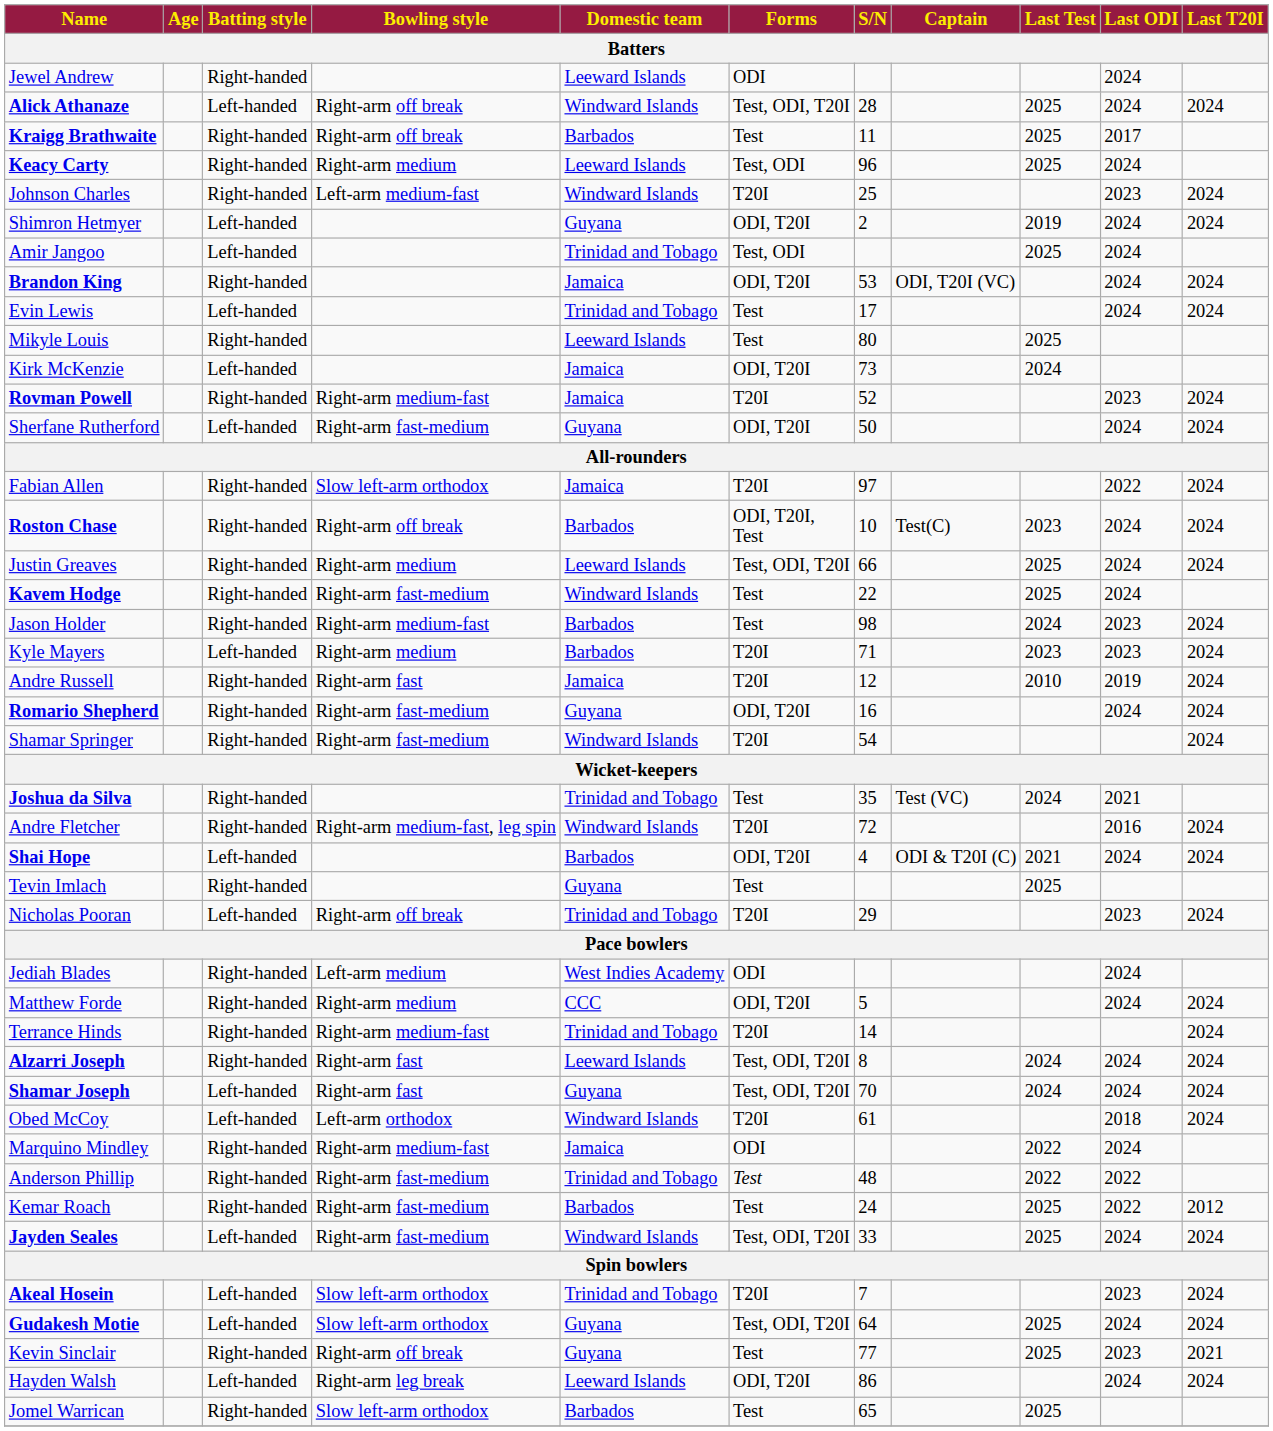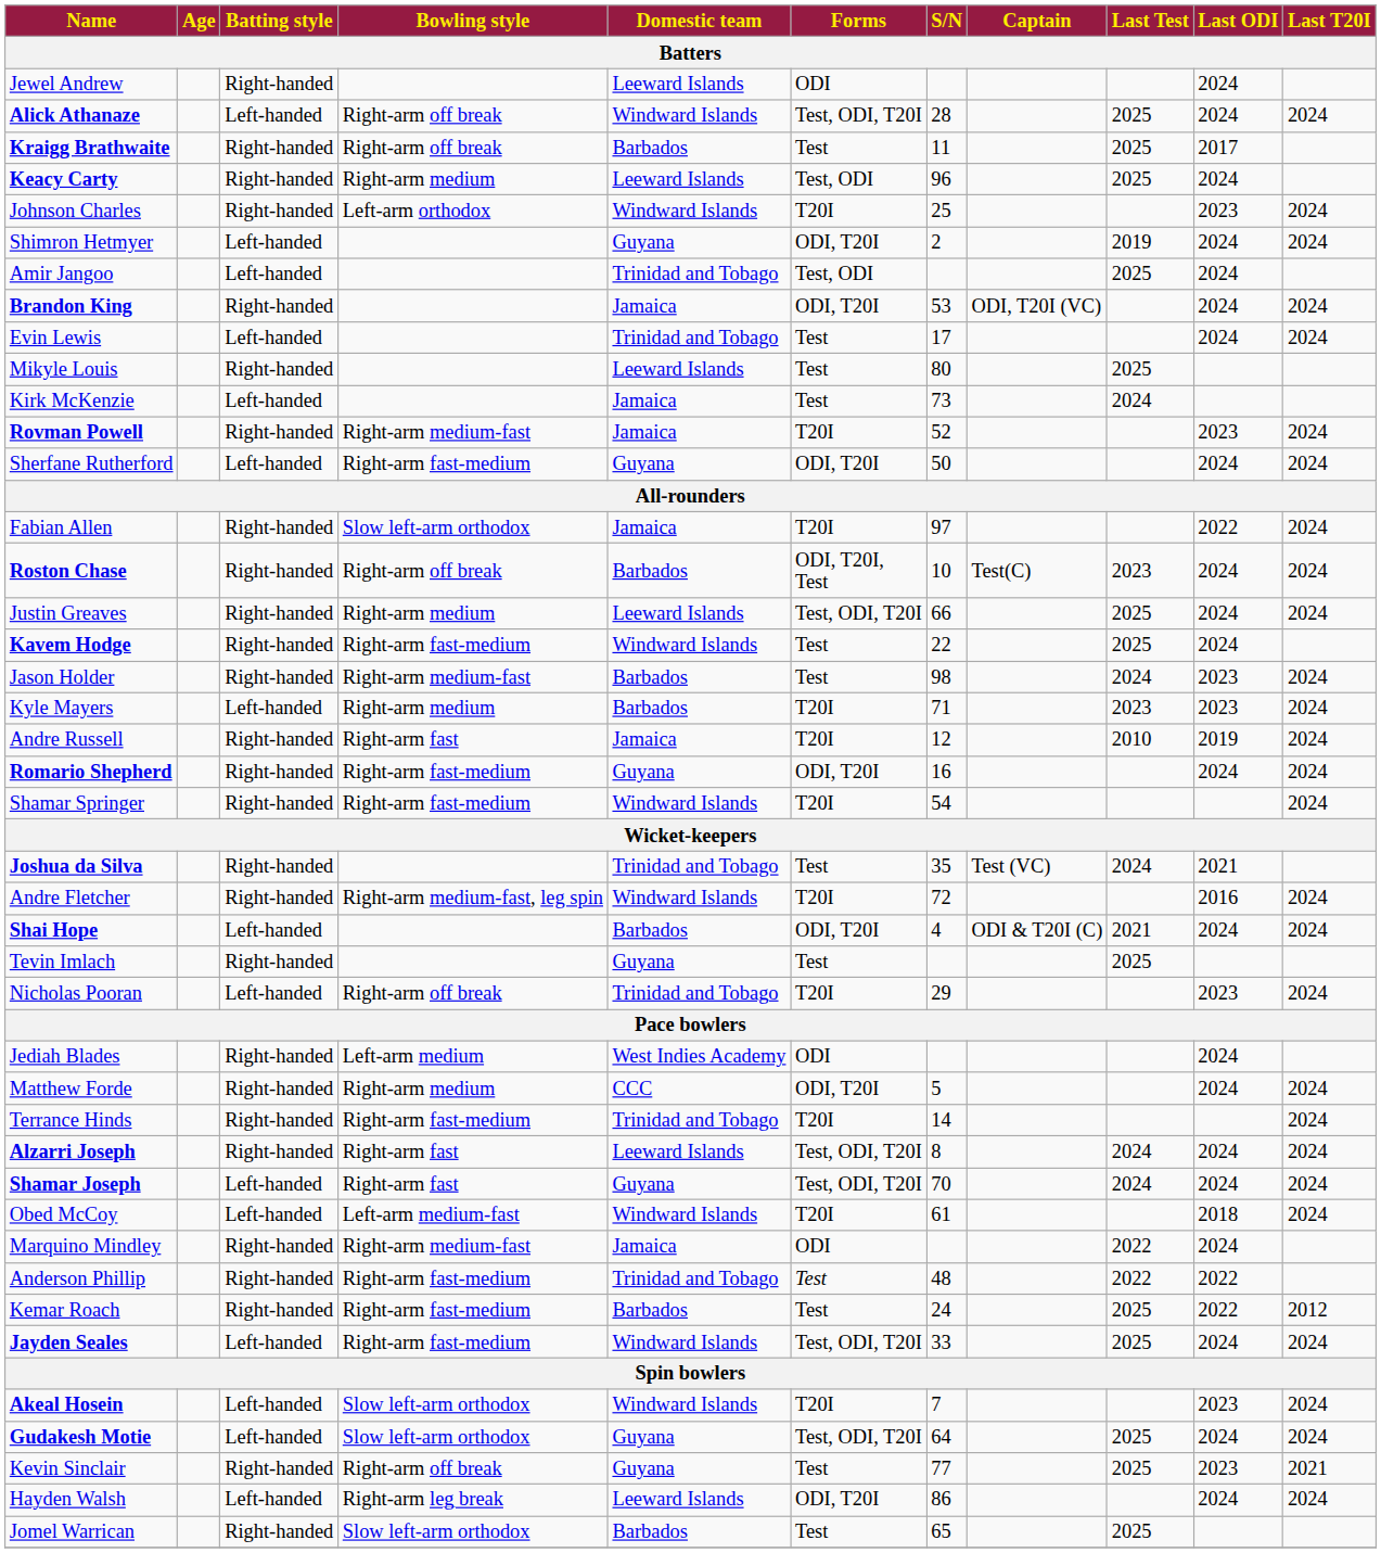 <table class="wikitable">
 <tr>
 <th style="text-align:center; background:#951A42; color:#FCED00;">Name</th>
 <th style="text-align:center; background:#951A42; color:#FCED00;">Age</th>
 <th style="text-align:center; background:#951A42; color:#FCED00;">Batting style</th>
 <th style="text-align:center; background:#951A42; color:#FCED00;">Bowling style</th>
 <th style="text-align:center; background:#951A42; color:#FCED00;">Domestic team</th>
 <th style="text-align:center; background:#951A42; color:#FCED00;">Forms</th>
 <th style="text-align:center; background:#951A42; color:#FCED00;">S/N</th>
 <th style="text-align:center; background:#951A42; color:#FCED00;">Captain</th>
 <th style="text-align:center; background:#951A42; color:#FCED00;">Last Test</th>
 <th style="text-align:center; background:#951A42; color:#FCED00;">Last ODI</th>
 <th style="text-align:center; background:#951A42; color:#FCED00;">Last T20I</th>
 </tr>
 <tr>
 <th colspan="11">Batters</th>
 </tr>
 <tr>
 <td><a href='#'>Jewel Andrew</a></td>
 <td></td>
 <td>Right-handed</td>
 <td></td>
 <td><a href='#'>Leeward Islands</a></td>
 <td>ODI</td>
 <td></td>
 <td></td>
 <td></td>
 <td> 2024</td>
 <td></td>
 </tr>
 <tr>
 <td><strong><a href='#'>Alick Athanaze</a></strong></td>
 <td></td>
 <td>Left-handed</td>
 <td>Right-arm <a href='#'>off break</a></td>
 <td><a href='#'>Windward Islands</a></td>
 <td>Test, ODI, T20I</td>
 <td>28</td>
 <td></td>
 <td> 2025</td>
 <td> 2024</td>
 <td> 2024</td>
 </tr>
 <tr>
 <td><strong><a href='#'>Kraigg Brathwaite</a></strong></td>
 <td></td>
 <td>Right-handed</td>
 <td>Right-arm <a href='#'>off break</a></td>
 <td><a href='#'>Barbados</a></td>
 <td>Test</td>
 <td>11</td>
 <td></td>
 <td> 2025</td>
 <td> 2017</td>
 <td></td>
 </tr>
 <tr>
 <td><strong><a href='#'>Keacy Carty</a></strong></td>
 <td></td>
 <td>Right-handed</td>
 <td>Right-arm <a href='#'>medium</a></td>
 <td><a href='#'>Leeward Islands</a></td>
 <td>Test, ODI</td>
 <td>96</td>
 <td></td>
 <td> 2025</td>
 <td> 2024</td>
 <td></td>
 </tr>
 <tr>
 <td><a href='#'>Johnson Charles</a></td>
 <td></td>
 <td>Right-handed</td>
-<td>Left-arm <a href='#'>medium-fast</a></td>
+<td>Left-arm <a href='#'>orthodox</a></td>
 <td><a href='#'>Windward Islands</a></td>
 <td>T20I</td>
 <td>25</td>
 <td></td>
 <td></td>
 <td> 2023</td>
 <td> 2024</td>
 </tr>
 <tr>
 <td><a href='#'>Shimron Hetmyer</a></td>
 <td></td>
 <td>Left-handed</td>
 <td></td>
 <td><a href='#'>Guyana</a></td>
 <td>ODI, T20I</td>
 <td>2</td>
 <td></td>
 <td> 2019</td>
 <td> 2024</td>
 <td> 2024</td>
 </tr>
 <tr>
 <td><a href='#'>Amir Jangoo</a></td>
 <td></td>
 <td>Left-handed</td>
 <td></td>
 <td><a href='#'>Trinidad and Tobago</a></td>
 <td>Test, ODI</td>
 <td></td>
 <td></td>
 <td> 2025</td>
 <td> 2024</td>
 <td></td>
 </tr>
 <tr>
 <td><strong><a href='#'>Brandon King</a></strong></td>
 <td></td>
 <td>Right-handed</td>
 <td></td>
 <td><a href='#'>Jamaica</a></td>
 <td>ODI, T20I</td>
 <td>53</td>
 <td>ODI, T20I (VC)</td>
 <td></td>
 <td> 2024</td>
 <td> 2024</td>
 </tr>
 <tr>
 <td><a href='#'>Evin Lewis</a></td>
 <td></td>
 <td>Left-handed</td>
 <td></td>
 <td><a href='#'>Trinidad and Tobago</a></td>
 <td>Test</td>
 <td>17</td>
 <td></td>
 <td></td>
 <td> 2024</td>
 <td> 2024</td>
 </tr>
 <tr>
 <td><a href='#'>Mikyle Louis</a></td>
 <td></td>
 <td>Right-handed</td>
 <td></td>
 <td><a href='#'>Leeward Islands</a></td>
 <td>Test</td>
 <td>80</td>
 <td></td>
 <td> 2025</td>
 <td></td>
 <td></td>
 </tr>
 <tr>
 <td><a href='#'>Kirk McKenzie</a></td>
 <td></td>
 <td>Left-handed</td>
 <td></td>
 <td><a href='#'>Jamaica</a></td>
-<td>ODI, T20I</td>
+<td>Test</td>
 <td>73</td>
 <td></td>
 <td> 2024</td>
 <td></td>
 <td></td>
 </tr>
 <tr>
 <td><strong><a href='#'>Rovman Powell</a></strong></td>
 <td></td>
 <td>Right-handed</td>
 <td>Right-arm <a href='#'>medium-fast</a></td>
 <td><a href='#'>Jamaica</a></td>
 <td>T20I</td>
 <td>52</td>
 <td></td>
 <td></td>
 <td> 2023</td>
 <td> 2024</td>
 </tr>
 <tr>
 <td><a href='#'>Sherfane Rutherford</a></td>
 <td></td>
 <td>Left-handed</td>
 <td>Right-arm <a href='#'>fast-medium</a></td>
 <td><a href='#'>Guyana</a></td>
 <td>ODI, T20I</td>
 <td>50</td>
 <td></td>
 <td></td>
 <td> 2024</td>
 <td> 2024</td>
 </tr>
 <tr>
 <th colspan="11"  52>All-rounders</th>
 </tr>
 <tr>
 <td><a href='#'>Fabian Allen</a></td>
 <td></td>
 <td>Right-handed</td>
 <td><a href='#'>Slow left-arm orthodox</a></td>
 <td><a href='#'>Jamaica</a></td>
 <td>T20I</td>
 <td>97</td>
 <td></td>
 <td></td>
 <td> 2022</td>
 <td> 2024</td>
 </tr>
 <tr>
 <td><strong><a href='#'>Roston Chase</a></strong></td>
 <td></td>
 <td>Right-handed</td>
 <td>Right-arm <a href='#'>off break</a></td>
 <td><a href='#'>Barbados</a></td>
 <td>ODI, T20I,<br>Test</td>
 <td>10</td>
 <td>Test(C)</td>
 <td> 2023</td>
 <td> 2024</td>
 <td> 2024</td>
 </tr>
 <tr>
 <td><a href='#'>Justin Greaves</a></td>
 <td></td>
 <td>Right-handed</td>
 <td>Right-arm <a href='#'>medium</a></td>
 <td><a href='#'>Leeward Islands</a></td>
 <td>Test, ODI, T20I</td>
 <td>66</td>
 <td></td>
 <td> 2025</td>
 <td> 2024</td>
 <td> 2024</td>
 </tr>
 <tr>
 <td><strong><a href='#'>Kavem Hodge</a></strong></td>
 <td></td>
 <td>Right-handed</td>
 <td>Right-arm <a href='#'>fast-medium</a></td>
 <td><a href='#'>Windward Islands</a></td>
 <td>Test</td>
 <td>22</td>
 <td></td>
 <td> 2025</td>
 <td> 2024</td>
 <td></td>
 </tr>
 <tr>
 <td><a href='#'>Jason Holder</a></td>
 <td></td>
 <td>Right-handed</td>
 <td>Right-arm <a href='#'>medium-fast</a></td>
 <td><a href='#'>Barbados</a></td>
 <td>Test</td>
 <td>98</td>
 <td></td>
 <td> 2024</td>
 <td> 2023</td>
 <td> 2024</td>
 </tr>
 <tr>
 <td><a href='#'>Kyle Mayers</a></td>
 <td></td>
 <td>Left-handed</td>
 <td>Right-arm <a href='#'>medium</a></td>
 <td><a href='#'>Barbados</a></td>
 <td>T20I</td>
 <td>71</td>
 <td></td>
 <td> 2023</td>
 <td> 2023</td>
 <td> 2024</td>
 </tr>
 <tr>
 <td><a href='#'>Andre Russell</a></td>
 <td></td>
 <td>Right-handed</td>
 <td>Right-arm <a href='#'>fast</a></td>
 <td><a href='#'>Jamaica</a></td>
 <td>T20I</td>
 <td>12</td>
 <td></td>
 <td> 2010</td>
 <td> 2019</td>
 <td> 2024</td>
 </tr>
 <tr>
 <td><strong><a href='#'>Romario Shepherd</a></strong></td>
 <td></td>
 <td>Right-handed</td>
 <td>Right-arm <a href='#'>fast-medium</a></td>
 <td><a href='#'>Guyana</a></td>
 <td>ODI, T20I</td>
 <td>16</td>
 <td></td>
 <td></td>
 <td> 2024</td>
 <td> 2024</td>
 </tr>
 <tr>
 <td><a href='#'>Shamar Springer</a></td>
 <td></td>
 <td>Right-handed</td>
 <td>Right-arm <a href='#'>fast-medium</a></td>
 <td><a href='#'>Windward Islands</a></td>
 <td>T20I</td>
 <td>54</td>
 <td></td>
 <td></td>
 <td></td>
 <td> 2024</td>
 </tr>
 <tr>
 <th colspan="11">Wicket-keepers</th>
 </tr>
 <tr>
 <td><strong><a href='#'>Joshua da Silva</a></strong></td>
 <td></td>
 <td>Right-handed</td>
 <td></td>
 <td><a href='#'>Trinidad and Tobago</a></td>
 <td>Test</td>
 <td>35</td>
 <td>Test (VC)</td>
 <td> 2024</td>
 <td> 2021</td>
 <td></td>
 </tr>
 <tr>
 <td><a href='#'>Andre Fletcher</a></td>
 <td></td>
 <td>Right-handed</td>
 <td>Right-arm <a href='#'>medium-fast</a>, <a href='#'>leg spin</a></td>
 <td><a href='#'>Windward Islands</a></td>
 <td>T20I</td>
 <td>72</td>
 <td></td>
 <td></td>
 <td> 2016</td>
 <td> 2024</td>
 </tr>
 <tr>
 <td><strong><a href='#'>Shai Hope</a></strong></td>
 <td></td>
 <td>Left-handed</td>
 <td></td>
 <td><a href='#'>Barbados</a></td>
 <td>ODI, T20I</td>
 <td>4</td>
 <td>ODI & T20I (C)</td>
 <td> 2021</td>
 <td> 2024</td>
 <td> 2024</td>
 </tr>
 <tr>
 <td><a href='#'>Tevin Imlach</a></td>
 <td></td>
 <td>Right-handed</td>
 <td></td>
 <td><a href='#'>Guyana</a></td>
 <td>Test</td>
 <td></td>
 <td></td>
 <td> 2025</td>
 <td></td>
 <td></td>
 </tr>
 <tr>
 <td><a href='#'>Nicholas Pooran</a></td>
 <td></td>
 <td>Left-handed</td>
 <td>Right-arm <a href='#'>off break</a></td>
 <td><a href='#'>Trinidad and Tobago</a></td>
 <td>T20I</td>
 <td>29</td>
 <td></td>
 <td></td>
 <td> 2023</td>
 <td> 2024</td>
 </tr>
 <tr>
 <th colspan="11">Pace bowlers</th>
 </tr>
 <tr>
 <td><a href='#'>Jediah Blades</a></td>
 <td></td>
 <td>Right-handed</td>
 <td>Left-arm <a href='#'>medium</a></td>
 <td><a href='#'>West Indies Academy</a></td>
 <td>ODI</td>
 <td></td>
 <td></td>
 <td></td>
 <td> 2024</td>
 <td></td>
 </tr>
 <tr>
 <td><a href='#'>Matthew Forde</a></td>
 <td></td>
 <td>Right-handed</td>
 <td>Right-arm <a href='#'>medium</a></td>
 <td><a href='#'>CCC</a></td>
 <td>ODI, T20I</td>
 <td>5</td>
 <td></td>
 <td></td>
 <td> 2024</td>
 <td> 2024</td>
 </tr>
 <tr>
 <td><a href='#'>Terrance Hinds</a></td>
 <td></td>
 <td>Right-handed</td>
-<td>Right-arm <a href='#'>medium-fast</a></td>
+<td>Right-arm <a href='#'>fast-medium</a></td>
 <td><a href='#'>Trinidad and Tobago</a></td>
 <td>T20I</td>
 <td>14</td>
 <td></td>
 <td></td>
 <td></td>
 <td> 2024</td>
 </tr>
 <tr>
 <td><strong><a href='#'>Alzarri Joseph</a></strong></td>
 <td></td>
 <td>Right-handed</td>
 <td>Right-arm <a href='#'>fast</a></td>
 <td><a href='#'>Leeward Islands</a></td>
 <td>Test, ODI, T20I</td>
 <td>8</td>
 <td></td>
 <td> 2024</td>
 <td> 2024</td>
 <td> 2024</td>
 </tr>
 <tr>
 <td><strong><a href='#'>Shamar Joseph</a></strong></td>
 <td></td>
 <td>Left-handed</td>
 <td>Right-arm <a href='#'>fast</a></td>
 <td><a href='#'>Guyana</a></td>
 <td>Test, ODI, T20I</td>
 <td>70</td>
 <td></td>
 <td> 2024</td>
 <td> 2024</td>
 <td> 2024</td>
 </tr>
 <tr>
 <td><a href='#'>Obed McCoy</a></td>
 <td></td>
 <td>Left-handed</td>
-<td>Left-arm <a href='#'>orthodox</a></td>
+<td>Left-arm <a href='#'>medium-fast</a></td>
 <td><a href='#'>Windward Islands</a></td>
 <td>T20I</td>
 <td>61</td>
 <td></td>
 <td></td>
 <td> 2018</td>
 <td> 2024</td>
 </tr>
 <tr>
 <td><a href='#'>Marquino Mindley</a></td>
 <td></td>
 <td>Right-handed</td>
 <td>Right-arm <a href='#'>medium-fast</a></td>
 <td><a href='#'>Jamaica</a></td>
 <td>ODI</td>
 <td></td>
 <td></td>
 <td> 2022</td>
 <td> 2024</td>
 <td></td>
 </tr>
 <tr>
 <td><a href='#'>Anderson Phillip</a></td>
 <td></td>
 <td>Right-handed</td>
 <td>Right-arm <a href='#'>fast-medium</a></td>
 <td><a href='#'>Trinidad and Tobago</a></td>
 <td><em>Test</em></td>
 <td>48</td>
 <td></td>
 <td> 2022</td>
 <td> 2022</td>
 <td></td>
 </tr>
 <tr>
 <td><a href='#'>Kemar Roach</a></td>
 <td></td>
 <td>Right-handed</td>
 <td>Right-arm <a href='#'>fast-medium</a></td>
 <td><a href='#'>Barbados</a></td>
 <td>Test</td>
 <td>24</td>
 <td></td>
 <td> 2025</td>
 <td> 2022</td>
 <td> 2012</td>
 </tr>
 <tr>
 <td><strong><a href='#'>Jayden Seales</a></strong></td>
 <td></td>
 <td>Left-handed</td>
 <td>Right-arm <a href='#'>fast-medium</a></td>
 <td><a href='#'>Windward Islands</a></td>
 <td>Test, ODI, T20I</td>
 <td>33</td>
 <td></td>
 <td> 2025</td>
 <td> 2024</td>
 <td> 2024</td>
 </tr>
 <tr>
 <th colspan="11">Spin bowlers</th>
 </tr>
 <tr>
 <td><strong><a href='#'>Akeal Hosein</a></strong></td>
 <td></td>
 <td>Left-handed</td>
 <td><a href='#'>Slow left-arm orthodox</a></td>
-<td><a href='#'>Trinidad and Tobago</a></td>
+<td><a href='#'>Windward Islands</a></td>
 <td>T20I</td>
 <td>7</td>
 <td></td>
 <td></td>
 <td> 2023</td>
 <td> 2024</td>
 </tr>
 <tr>
 <td><strong><a href='#'>Gudakesh Motie</a></strong></td>
 <td></td>
 <td>Left-handed</td>
 <td><a href='#'>Slow left-arm orthodox</a></td>
 <td><a href='#'>Guyana</a></td>
 <td>Test, ODI, T20I</td>
 <td>64</td>
 <td></td>
 <td> 2025</td>
 <td> 2024</td>
 <td> 2024</td>
 </tr>
 <tr>
 <td><a href='#'>Kevin Sinclair</a></td>
 <td></td>
 <td>Right-handed</td>
 <td>Right-arm <a href='#'>off break</a></td>
 <td><a href='#'>Guyana</a></td>
 <td>Test</td>
 <td>77</td>
 <td></td>
 <td> 2025</td>
 <td> 2023</td>
 <td> 2021</td>
 </tr>
 <tr>
 <td><a href='#'>Hayden Walsh</a></td>
 <td></td>
 <td>Left-handed</td>
 <td>Right-arm <a href='#'>leg break</a></td>
 <td><a href='#'>Leeward Islands</a></td>
 <td>ODI, T20I</td>
 <td>86</td>
 <td></td>
 <td></td>
 <td> 2024</td>
 <td> 2024</td>
 </tr>
 <tr>
 <td><a href='#'>Jomel Warrican</a></td>
 <td></td>
 <td>Right-handed</td>
 <td><a href='#'>Slow left-arm orthodox</a></td>
 <td><a href='#'>Barbados</a></td>
 <td>Test</td>
 <td>65</td>
 <td></td>
 <td> 2025</td>
 <td></td>
 <td></td>
 </tr>
 <tr>
 </tr>
 </table>
